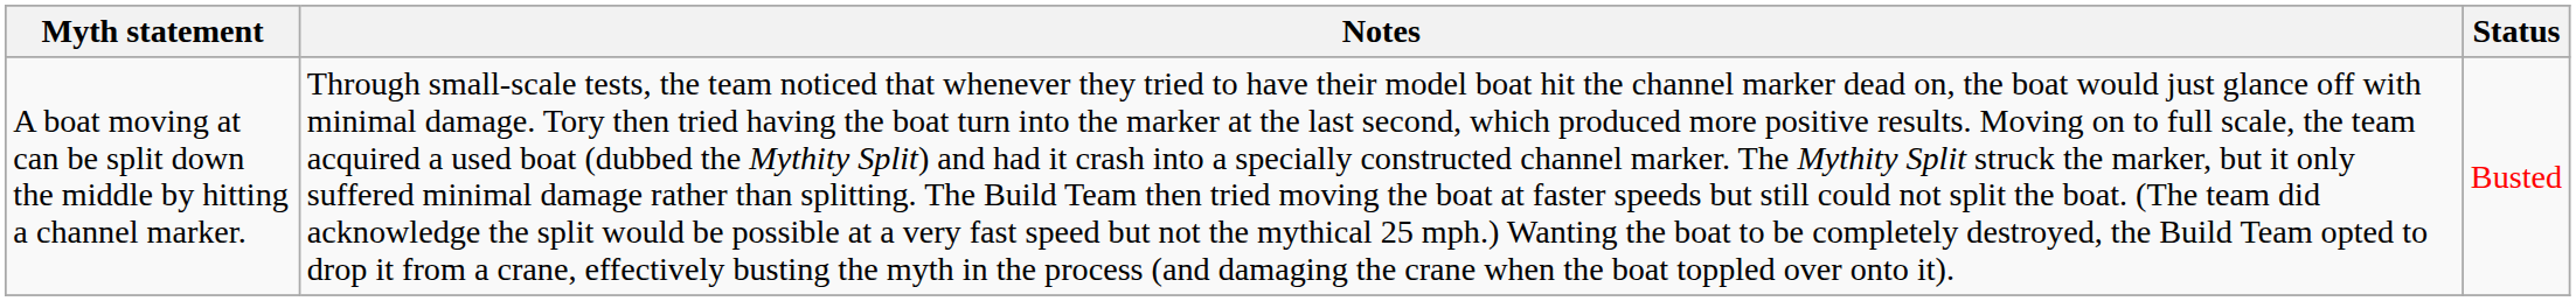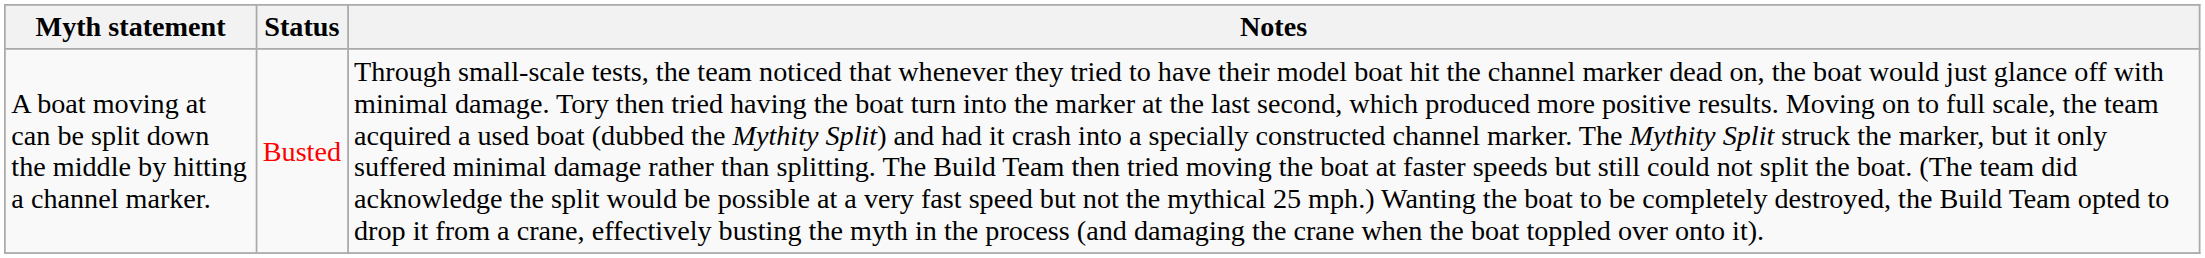 <table class="wikitable plainrowheaders">
 <tr>
 <th>Myth statement</th>
+<th>Status</th>
 <th>Notes</th>
-<th>Status</th>
 </tr>
 <tr>
 <td>A boat moving at  can be split down the middle by hitting a channel marker.</td>
+<td style="color:red">Busted</td>
 <td>Through small-scale tests, the team noticed that whenever they tried to have their model boat hit the channel marker dead on, the boat would just glance off with minimal damage. Tory then tried having the boat turn into the marker at the last second, which produced more positive results. Moving on to full scale, the team acquired a used boat (dubbed the <em>Mythity Split</em>) and had it crash into a specially constructed channel marker. The <em>Mythity Split</em> struck the marker, but it only suffered minimal damage rather than splitting. The Build Team then tried moving the boat at faster speeds but still could not split the boat. (The team did acknowledge the split would be possible at a very fast speed but not the mythical 25 mph.) Wanting the boat to be completely destroyed, the Build Team opted to drop it from a crane, effectively busting the myth in the process (and damaging the crane when the boat toppled over onto it).</td>
-<td style="color:red">Busted</td>
 </tr>
 </table>
